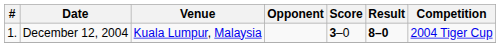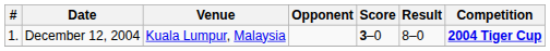 <table class="wikitable">
 <tr>
 <th>#</th>
 <th>Date</th>
 <th>Venue</th>
 <th>Opponent</th>
 <th>Score</th>
 <th>Result</th>
 <th>Competition</th>
 </tr>
 <tr>
 <td>1.</td>
 <td>December 12, 2004</td>
 <td><a href='#'>Kuala Lumpur</a>, <a href='#'>Malaysia</a></td>
 <td></td>
 <td><strong>3</strong>–0</td>
-<td><strong>8–0</strong></td>
-<td><a href='#'>2004 Tiger Cup</a></td>
+<td>8–0</td>
+<td><strong><a href='#'>2004 Tiger Cup</a></strong></td>
 </tr>
 <tr>
 </tr>
 </table>
